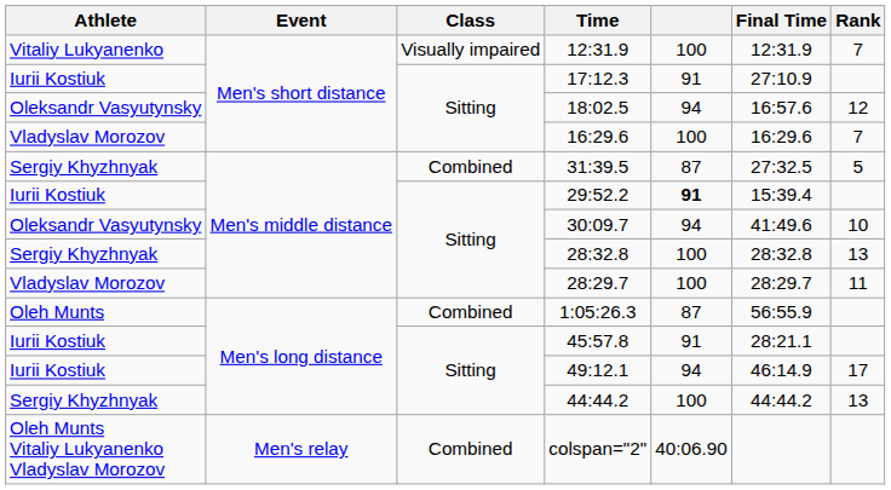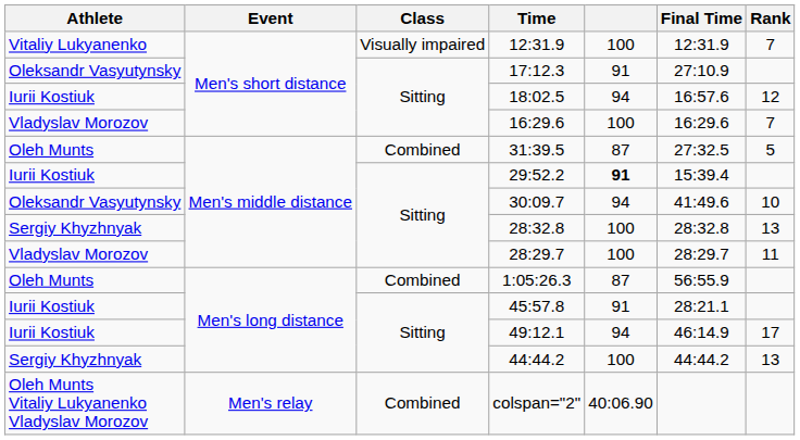 <table class="wikitable" border="1" style="font-size:90%">
 <tr>
 <th>Athlete</th>
 <th>Event</th>
 <th>Class</th>
 <th>Time</th>
 <th></th>
 <th>Final Time</th>
 <th>Rank</th>
 </tr>
 <tr align=center>
 <td align=left><a href='#'>Vitaliy Lukyanenko</a></td>
 <td rowspan="4"><a href='#'>Men's short distance</a></td>
 <td>Visually impaired</td>
 <td>12:31.9</td>
 <td>100</td>
 <td>12:31.9</td>
 <td>7</td>
 </tr>
 <tr align=center>
-<td align="left"><a href='#'>Iurii Kostiuk</a></td>
+<td align="left"><a href='#'>Oleksandr Vasyutynsky</a></td>
 <td rowspan="3">Sitting</td>
 <td>17:12.3</td>
 <td>91</td>
 <td>27:10.9</td>
 <td></td>
 </tr>
 <tr align=center>
-<td align="left"><a href='#'>Oleksandr Vasyutynsky</a></td>
+<td align="left"><a href='#'>Iurii Kostiuk</a></td>
 <td>18:02.5</td>
 <td>94</td>
 <td>16:57.6</td>
 <td>12</td>
 </tr>
 <tr align=center>
 <td align="left"><a href='#'>Vladyslav Morozov</a></td>
 <td>16:29.6</td>
 <td>100</td>
 <td>16:29.6</td>
 <td>7</td>
 </tr>
 <tr align=center>
-<td align="left"><a href='#'>Sergiy Khyzhnyak</a></td>
+<td align=left><a href='#'>Oleh Munts</a></td>
 <td rowspan="5"><a href='#'>Men's middle distance</a></td>
 <td>Combined</td>
 <td>31:39.5</td>
 <td>87</td>
 <td>27:32.5</td>
 <td>5</td>
 </tr>
 <tr align=center>
 <td align="left"><a href='#'>Iurii Kostiuk</a></td>
 <td rowspan="4">Sitting</td>
 <td>29:52.2</td>
 <td><strong>91</strong></td>
 <td>15:39.4</td>
 <td></td>
 </tr>
 <tr align=center>
 <td align="left"><a href='#'>Oleksandr Vasyutynsky</a></td>
 <td>30:09.7</td>
 <td>94</td>
 <td>41:49.6</td>
 <td>10</td>
 </tr>
 <tr align=center>
 <td align="left"><a href='#'>Sergiy Khyzhnyak</a></td>
 <td>28:32.8</td>
 <td>100</td>
 <td>28:32.8</td>
 <td>13</td>
 </tr>
 <tr align=center>
 <td align="left"><a href='#'>Vladyslav Morozov</a></td>
 <td>28:29.7</td>
 <td>100</td>
 <td>28:29.7</td>
 <td>11</td>
 </tr>
 <tr align=center>
 <td align=left><a href='#'>Oleh Munts</a></td>
 <td rowspan="4"><a href='#'>Men's long distance</a></td>
 <td>Combined</td>
 <td>1:05:26.3</td>
 <td>87</td>
 <td>56:55.9</td>
 <td></td>
 </tr>
 <tr align=center>
 <td align="left"><a href='#'>Iurii Kostiuk</a></td>
 <td rowspan="3">Sitting</td>
 <td>45:57.8</td>
 <td>91</td>
 <td>28:21.1</td>
 <td></td>
 </tr>
 <tr align=center>
 <td align="left"><a href='#'>Iurii Kostiuk</a></td>
 <td>49:12.1</td>
 <td>94</td>
 <td>46:14.9</td>
 <td>17</td>
 </tr>
 <tr align=center>
 <td align="left"><a href='#'>Sergiy Khyzhnyak</a></td>
 <td>44:44.2</td>
 <td>100</td>
 <td>44:44.2</td>
 <td>13</td>
 </tr>
 <tr align=center>
 <td align="left"><a href='#'>Oleh Munts</a><br><a href='#'>Vitaliy Lukyanenko</a><br><a href='#'>Vladyslav Morozov</a></td>
 <td><a href='#'>Men's relay</a></td>
 <td>Combined</td>
 <td>colspan="2" </td>
 <td>40:06.90</td>
 <td></td>
 </tr>
 </table>
